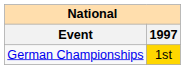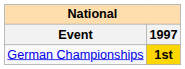 <table class="wikitable" style="text-align:center">
 <tr>
 <th style="background-color: #ffdead; " colspan=2 align=center>National</th>
 </tr>
 <tr>
 <th>Event</th>
 <th>1997</th>
 </tr>
 <tr>
 <td align=left><a href='#'>German Championships</a></td>
-<td bgcolor=gold>1st</td>
+<td bgcolor=gold><strong>1st</strong></td>
 </tr>
 </table>
